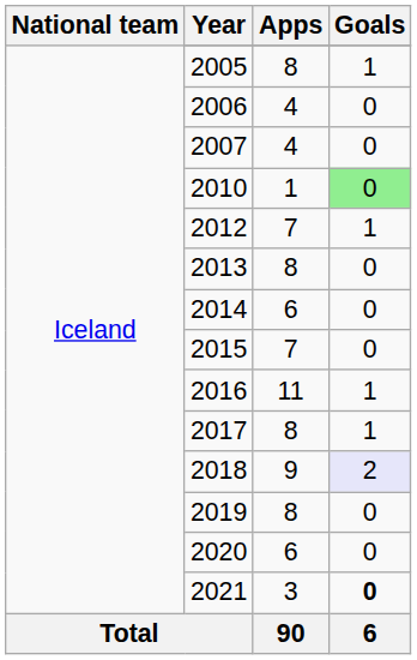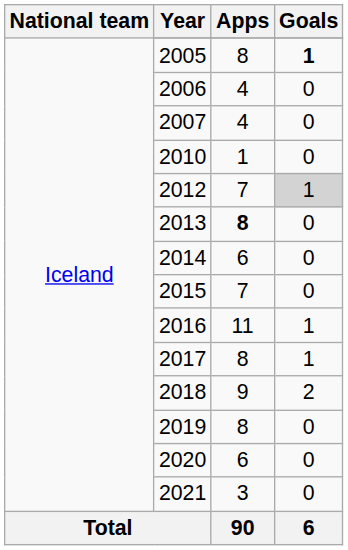 <table class="wikitable" style="text-align:center">
 <tr>
 <th>National team</th>
 <th>Year</th>
 <th>Apps</th>
 <th>Goals</th>
 </tr>
 <tr>
 <td rowspan="15"><a href='#'>Iceland</a></td>
 </tr>
 <tr>
 <td>2005</td>
 <td>8</td>
-<td>1</td>
+<td><strong>1</strong></td>
 </tr>
 <tr>
 <td>2006</td>
 <td>4</td>
 <td>0</td>
 </tr>
 <tr>
 <td>2007</td>
 <td>4</td>
 <td>0</td>
 </tr>
 <tr>
 <td>2010</td>
 <td>1</td>
-<td style="background: lightgreen;">0</td>
+<td>0</td>
 </tr>
 <tr>
 <td>2012</td>
 <td>7</td>
-<td>1</td>
+<td style="background: lightgrey;">1</td>
 </tr>
 <tr>
 <td>2013</td>
-<td>8</td>
+<td><strong>8</strong></td>
 <td>0</td>
 </tr>
 <tr>
 <td>2014</td>
 <td>6</td>
 <td>0</td>
 </tr>
 <tr>
 <td>2015</td>
 <td>7</td>
 <td>0</td>
 </tr>
 <tr>
 <td>2016</td>
 <td>11</td>
 <td>1</td>
 </tr>
 <tr>
 <td>2017</td>
 <td>8</td>
 <td>1</td>
 </tr>
 <tr>
 <td>2018</td>
 <td>9</td>
-<td style="background: lavender;">2</td>
+<td>2</td>
 </tr>
 <tr>
 <td>2019</td>
 <td>8</td>
 <td>0</td>
 </tr>
 <tr>
 <td>2020</td>
 <td>6</td>
 <td>0</td>
 </tr>
 <tr>
 <td>2021</td>
 <td>3</td>
-<td><strong>0</strong></td>
+<td>0</td>
 </tr>
 <tr>
 <th colspan="2">Total</th>
 <th>90</th>
 <th>6</th>
 </tr>
 </table>
